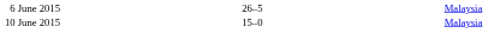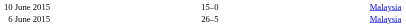 <table style="width:100%;" cellspacing="1">
 <tr>
 <th width=15%></th>
 <th width=25%></th>
 <th width=10%></th>
 <th width=25%></th>
 </tr>
 <tr style=font-size:90%>
+<td align=right>10 June 2015</td>
+<td align=right></td>
+<td align=center>15–0</td>
+<td></td>
+<td><a href='#'>Malaysia</a></td>
+</tr>
+<tr style=font-size:90%>
 <td align=right>6 June 2015</td>
 <td align=right></td>
 <td align=center>26–5</td>
 <td></td>
 <td><a href='#'>Malaysia</a></td>
 </tr>
-<tr style=font-size:90%>
-<td align=right>10 June 2015</td>
-<td align=right></td>
-<td align=center>15–0</td>
-<td></td>
-<td><a href='#'>Malaysia</a></td>
-</tr>
 </table>
